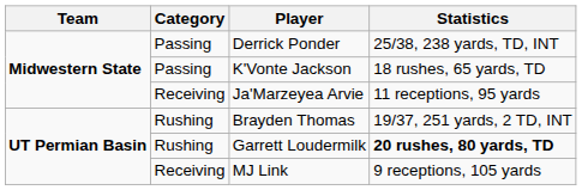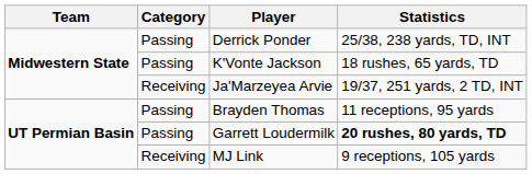 <table class="wikitable" style="float: right;">
 <tr>
 <th>Team</th>
 <th>Category</th>
 <th>Player</th>
 <th>Statistics</th>
 </tr>
 <tr>
 <td rowspan=3><strong>Midwestern State</strong></td>
 <td>Passing</td>
 <td>Derrick Ponder</td>
 <td>25/38, 238 yards, TD, INT</td>
 </tr>
 <tr>
 <td>Passing</td>
 <td>K'Vonte Jackson</td>
 <td>18 rushes, 65 yards, TD</td>
 </tr>
 <tr>
 <td>Receiving</td>
 <td>Ja'Marzeyea Arvie</td>
+<td>19/37, 251 yards, 2 TD, INT</td>
+</tr>
+<tr>
+<td rowspan=3><strong>UT Permian Basin</strong></td>
+<td>Passing</td>
+<td>Brayden Thomas</td>
 <td>11 receptions, 95 yards</td>
 </tr>
 <tr>
-<td rowspan=3><strong>UT Permian Basin</strong></td>
-<td>Rushing</td>
-<td>Brayden Thomas</td>
-<td>19/37, 251 yards, 2 TD, INT</td>
-</tr>
-<tr>
-<td>Rushing</td>
+<td>Passing</td>
 <td>Garrett Loudermilk</td>
 <td><strong>20 rushes, 80 yards, TD</strong></td>
 </tr>
 <tr>
 <td>Receiving</td>
 <td>MJ Link</td>
 <td>9 receptions, 105 yards</td>
 </tr>
 </table>
